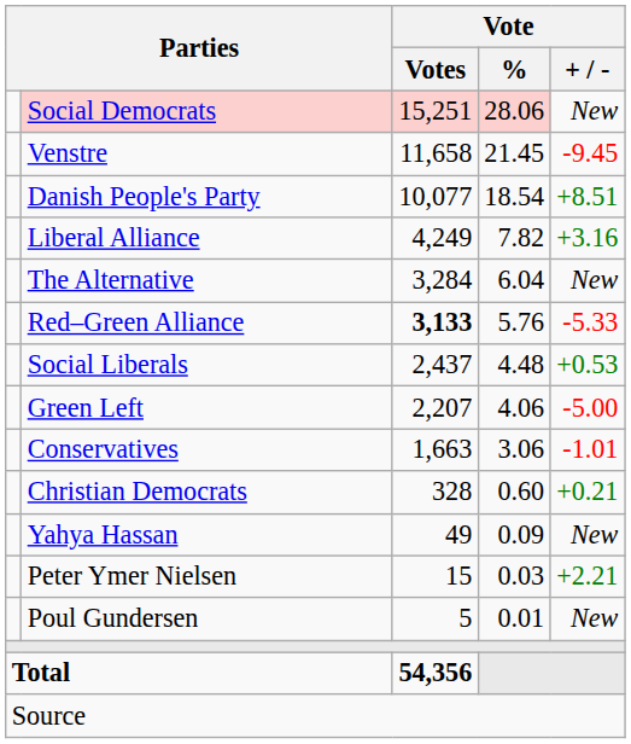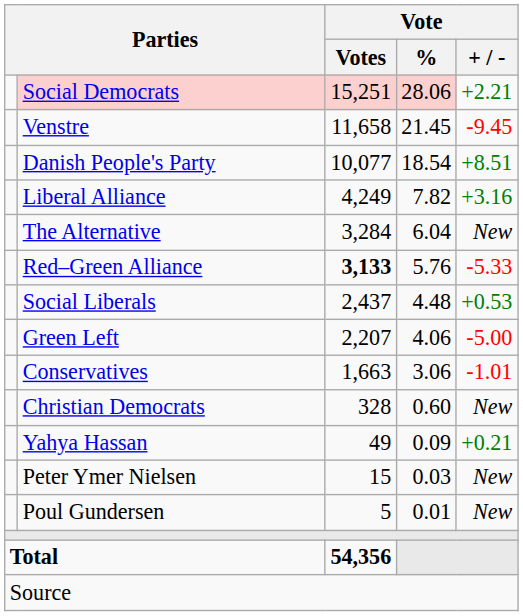 <table class="wikitable" style="text-align:right;">
 <tr>
 <th style="text-align:centre;" rowspan="2" colspan="2" width="225">Parties</th>
 <th colspan="3">Vote</th>
 </tr>
 <tr>
 <th width="15">Votes</th>
 <th width="15">%</th>
 <th width="15">+ / -</th>
 </tr>
 <tr>
 <td width="2" style="color:inherit;background:"></td>
 <td bgcolor=#fbd0ce  align="left"><a href='#'>Social Democrats</a></td>
 <td bgcolor=#fbd0ce>15,251</td>
 <td bgcolor=#fbd0ce>28.06</td>
-<td><em>New</em></td>
+<td style=color:green;>+2.21</td>
 </tr>
 <tr>
 <td width="2" style="color:inherit;background:"></td>
 <td align="left"><a href='#'>Venstre</a></td>
 <td>11,658</td>
 <td>21.45</td>
 <td style=color:red;>-9.45</td>
 </tr>
 <tr>
 <td width="2" style="color:inherit;background:"></td>
 <td align="left"><a href='#'>Danish People's Party</a></td>
 <td>10,077</td>
 <td>18.54</td>
 <td style=color:green;>+8.51</td>
 </tr>
 <tr>
 <td width="2" style="color:inherit;background:"></td>
 <td align="left"><a href='#'>Liberal Alliance</a></td>
 <td>4,249</td>
 <td>7.82</td>
 <td style=color:green;>+3.16</td>
 </tr>
 <tr>
 <td width="2" style="color:inherit;background:"></td>
 <td align="left"><a href='#'>The Alternative</a></td>
 <td>3,284</td>
 <td>6.04</td>
 <td><em>New</em></td>
 </tr>
 <tr>
 <td width="2" style="color:inherit;background:"></td>
 <td align="left"><a href='#'>Red–Green Alliance</a></td>
 <td><strong>3,133</strong></td>
 <td>5.76</td>
 <td style=color:red;>-5.33</td>
 </tr>
 <tr>
 <td width="2" style="color:inherit;background:"></td>
 <td align="left"><a href='#'>Social Liberals</a></td>
 <td>2,437</td>
 <td>4.48</td>
 <td style=color:green;>+0.53</td>
 </tr>
 <tr>
 <td width="2" style="color:inherit;background:"></td>
 <td align="left"><a href='#'>Green Left</a></td>
 <td>2,207</td>
 <td>4.06</td>
 <td style=color:red;>-5.00</td>
 </tr>
 <tr>
 <td width="2" style="color:inherit;background:"></td>
 <td align="left"><a href='#'>Conservatives</a></td>
 <td>1,663</td>
 <td>3.06</td>
 <td style=color:red;>-1.01</td>
 </tr>
 <tr>
 <td width="2" style="color:inherit;background:"></td>
 <td align="left"><a href='#'>Christian Democrats</a></td>
 <td>328</td>
 <td>0.60</td>
-<td style=color:green;>+0.21</td>
+<td><em>New</em></td>
 </tr>
 <tr>
 <td width="2" style="color:inherit;background:"></td>
 <td align="left"><a href='#'>Yahya Hassan</a></td>
 <td>49</td>
 <td>0.09</td>
-<td><em>New</em></td>
+<td style=color:green;>+0.21</td>
 </tr>
 <tr>
 <td width="2" style="color:inherit;background:"></td>
 <td align="left">Peter Ymer Nielsen</td>
 <td>15</td>
 <td>0.03</td>
-<td style=color:green;>+2.21</td>
+<td><em>New</em></td>
 </tr>
 <tr>
 <td width="2" style="color:inherit;background:"></td>
 <td align="left">Poul Gundersen</td>
 <td>5</td>
 <td>0.01</td>
 <td><em>New</em></td>
 </tr>
 <tr>
 <td colspan="7" bgcolor="#E9E9E9"></td>
 </tr>
 <tr>
 <td align="left" colspan="2"><strong>Total</strong></td>
 <td><strong>54,356</strong></td>
 <td bgcolor="#E9E9E9" colspan="2"></td>
 </tr>
 <tr>
 <td align="left" colspan="6">Source</td>
 </tr>
 </table>
